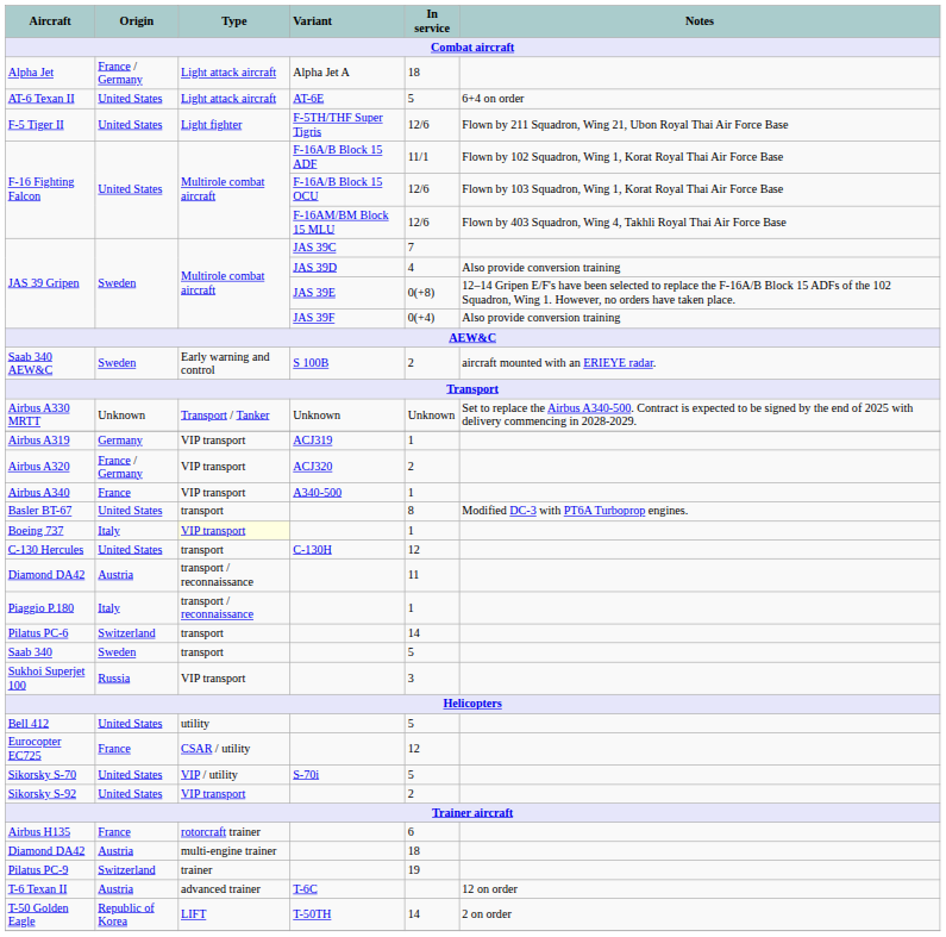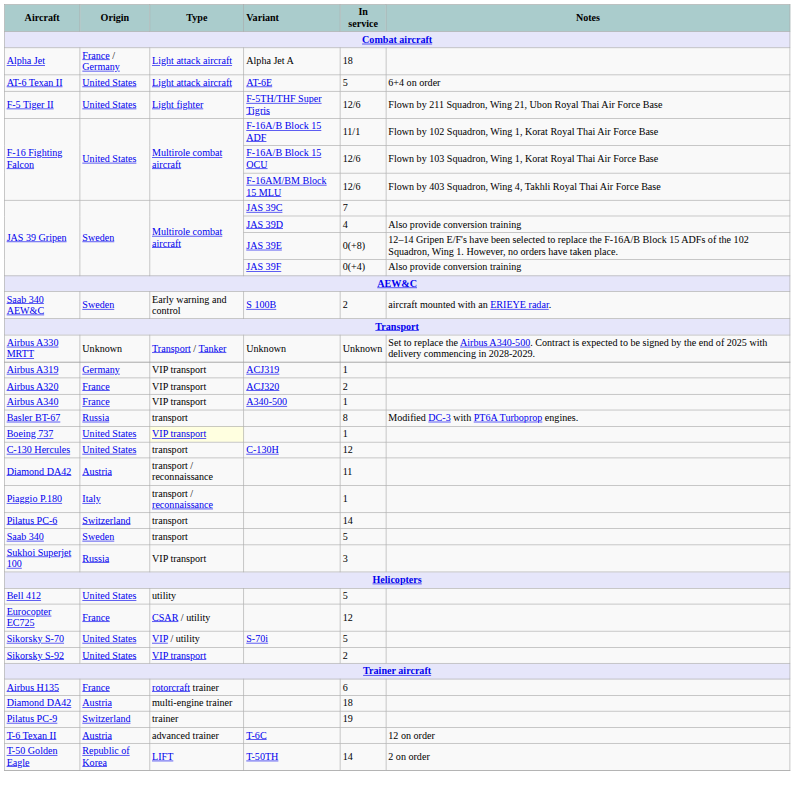 <table class="wikitable">
 <tr>
 <th style="text-align:center; background:#acc;">Aircraft</th>
 <th style="text-align: center; background:#acc;">Origin</th>
 <th style="text-align:l center; background:#acc;">Type</th>
 <th style="text-align:left; background:#acc;">Variant</th>
 <th style="text-align:center; background:#acc;">In service</th>
 <th style="text-align: center; background:#acc;">Notes</th>
 </tr>
 <tr>
 <th style="align: center; background: lavender;" colspan="7"><a href='#'>Combat aircraft</a></th>
 </tr>
 <tr>
 <td><a href='#'>Alpha Jet</a></td>
 <td><a href='#'>France</a> / <a href='#'>Germany</a></td>
 <td><a href='#'>Light attack aircraft</a></td>
 <td>Alpha Jet A</td>
 <td>18</td>
 <td></td>
 </tr>
 <tr>
 <td><a href='#'>AT-6 Texan II</a></td>
 <td><a href='#'>United States</a></td>
 <td><a href='#'>Light attack aircraft</a></td>
 <td><a href='#'>AT-6E</a></td>
 <td>5</td>
 <td>6+4 on order</td>
 </tr>
 <tr>
 <td><a href='#'>F-5 Tiger II</a></td>
 <td><a href='#'>United States</a></td>
 <td><a href='#'>Light fighter</a></td>
 <td><a href='#'>F-5TH/THF Super Tigris</a></td>
 <td>12/6</td>
 <td>Flown by 211 Squadron, Wing 21, Ubon Royal Thai Air Force Base</td>
 </tr>
 <tr>
 <td rowspan="3"><a href='#'>F-16 Fighting Falcon</a></td>
 <td rowspan="3"><a href='#'>United States</a></td>
 <td rowspan="3"><a href='#'>Multirole combat aircraft</a></td>
 <td><a href='#'>F-16A/B Block 15 ADF</a></td>
 <td>11/1</td>
 <td>Flown by 102 Squadron, Wing 1, Korat Royal Thai Air Force Base</td>
 </tr>
 <tr>
 <td><a href='#'>F-16A/B Block 15 OCU</a></td>
 <td>12/6</td>
 <td>Flown by 103 Squadron, Wing 1, Korat Royal Thai Air Force Base</td>
 </tr>
 <tr>
 <td><a href='#'>F-16AM/BM Block 15 MLU</a></td>
 <td>12/6</td>
 <td>Flown by 403 Squadron, Wing 4, Takhli Royal Thai Air Force Base</td>
 </tr>
 <tr>
 <td rowspan="4"><a href='#'>JAS 39 Gripen</a></td>
 <td rowspan="4"><a href='#'>Sweden</a></td>
 <td rowspan="4"><a href='#'>Multirole combat aircraft</a></td>
 <td><a href='#'>JAS 39C</a></td>
 <td>7</td>
 <td></td>
 </tr>
 <tr>
 <td><a href='#'>JAS 39D</a></td>
 <td>4</td>
 <td>Also provide conversion training</td>
 </tr>
 <tr>
 <td><a href='#'>JAS 39E</a></td>
 <td>0(+8)</td>
 <td>12–14 Gripen E/F's have been selected to replace the F-16A/B Block 15 ADFs of the 102 Squadron, Wing 1. However, no orders have taken place.</td>
 </tr>
 <tr>
 <td><a href='#'>JAS 39F</a></td>
 <td>0(+4)</td>
 <td>Also provide conversion training</td>
 </tr>
 <tr>
 <th style="align: center; background: lavender;" colspan="7"><a href='#'>AEW&C</a></th>
 </tr>
 <tr>
 <td><a href='#'>Saab 340 AEW&C</a></td>
 <td><a href='#'>Sweden</a></td>
 <td>Early warning and control</td>
 <td><a href='#'>S 100B</a></td>
 <td>2</td>
 <td>aircraft mounted with an <a href='#'>ERIEYE radar</a>.</td>
 </tr>
 <tr>
 <th style="align: center; background: lavender;" colspan="7"><a href='#'>Transport</a></th>
 </tr>
 <tr>
 <td><a href='#'>Airbus A330 MRTT</a></td>
 <td>Unknown</td>
 <td><a href='#'>Transport</a> / <a href='#'>Tanker</a></td>
 <td>Unknown</td>
 <td>Unknown</td>
 <td>Set to replace the <a href='#'>Airbus A340-500</a>. Contract is expected to be signed by the end of 2025 with delivery commencing in 2028-2029.</td>
 </tr>
 <tr>
 </tr>
 <tr>
 <td><a href='#'>Airbus A319</a></td>
 <td><a href='#'>Germany</a></td>
 <td>VIP transport</td>
 <td><a href='#'>ACJ319</a></td>
 <td>1</td>
 <td></td>
 </tr>
 <tr>
 <td><a href='#'>Airbus A320</a></td>
-<td><a href='#'>France</a> / <a href='#'>Germany</a></td>
+<td><a href='#'>France</a></td>
 <td>VIP transport</td>
 <td><a href='#'>ACJ320</a></td>
 <td>2</td>
 <td></td>
 </tr>
 <tr>
 <td><a href='#'>Airbus A340</a></td>
 <td><a href='#'>France</a></td>
 <td>VIP transport</td>
 <td><a href='#'>A340-500</a></td>
 <td>1</td>
 <td></td>
 </tr>
 <tr>
 <td><a href='#'>Basler BT-67</a></td>
-<td><a href='#'>United States</a></td>
+<td><a href='#'>Russia</a></td>
 <td>transport</td>
 <td></td>
 <td>8</td>
 <td>Modified <a href='#'>DC-3</a> with <a href='#'>PT6A Turboprop</a> engines.</td>
 </tr>
 <tr>
 <td><a href='#'>Boeing 737</a></td>
-<td><a href='#'>Italy</a></td>
+<td><a href='#'>United States</a></td>
 <td style="background: lightyellow;"><a href='#'>VIP transport</a></td>
 <td></td>
 <td>1</td>
 <td></td>
 </tr>
 <tr>
 <td><a href='#'>C-130 Hercules</a></td>
 <td><a href='#'>United States</a></td>
 <td>transport</td>
 <td><a href='#'>C-130H</a></td>
 <td>12</td>
 <td></td>
 </tr>
 <tr>
 <td><a href='#'>Diamond DA42</a></td>
 <td><a href='#'>Austria</a></td>
 <td>transport / reconnaissance</td>
 <td></td>
 <td>11</td>
 <td></td>
 </tr>
 <tr>
 <td><a href='#'>Piaggio P.180</a></td>
 <td><a href='#'>Italy</a></td>
 <td>transport / <a href='#'>reconnaissance</a></td>
 <td></td>
 <td>1</td>
 <td></td>
 </tr>
 <tr>
 <td><a href='#'>Pilatus PC-6</a></td>
 <td><a href='#'>Switzerland</a></td>
 <td>transport</td>
 <td></td>
 <td>14</td>
 <td></td>
 </tr>
 <tr>
 <td><a href='#'>Saab 340</a></td>
 <td><a href='#'>Sweden</a></td>
 <td>transport</td>
 <td></td>
 <td>5</td>
 <td></td>
 </tr>
 <tr>
 <td><a href='#'>Sukhoi Superjet 100</a></td>
 <td><a href='#'>Russia</a></td>
 <td>VIP transport</td>
 <td></td>
 <td>3</td>
 <td></td>
 </tr>
 <tr>
 <th style="align: center; background: lavender;" colspan="7"><a href='#'>Helicopters</a></th>
 </tr>
 <tr>
 <td><a href='#'>Bell 412</a></td>
 <td><a href='#'>United States</a></td>
 <td>utility</td>
 <td></td>
 <td>5</td>
 <td></td>
 </tr>
 <tr>
 <td><a href='#'>Eurocopter EC725</a></td>
 <td><a href='#'>France</a></td>
 <td><a href='#'>CSAR</a> / utility</td>
 <td></td>
 <td>12</td>
 <td></td>
 </tr>
 <tr>
 <td><a href='#'>Sikorsky S-70</a></td>
 <td><a href='#'>United States</a></td>
 <td><a href='#'>VIP</a> / utility</td>
 <td><a href='#'>S-70i</a></td>
 <td>5</td>
 <td></td>
 </tr>
 <tr>
 <td><a href='#'>Sikorsky S-92</a></td>
 <td><a href='#'>United States</a></td>
 <td><a href='#'>VIP transport</a></td>
 <td></td>
 <td>2</td>
 <td></td>
 </tr>
 <tr>
 <th style="align: center; background: lavender;" colspan="7"><a href='#'>Trainer aircraft</a></th>
 </tr>
 <tr>
 <td><a href='#'>Airbus H135</a></td>
 <td><a href='#'>France</a></td>
 <td><a href='#'>rotorcraft</a> trainer</td>
 <td></td>
 <td>6</td>
 <td></td>
 </tr>
 <tr>
 <td><a href='#'>Diamond DA42</a></td>
 <td><a href='#'>Austria</a></td>
 <td>multi-engine trainer</td>
 <td></td>
 <td>18</td>
 <td></td>
 </tr>
 <tr>
 <td><a href='#'>Pilatus PC-9</a></td>
 <td><a href='#'>Switzerland</a></td>
 <td>trainer</td>
 <td></td>
 <td>19</td>
 <td></td>
 </tr>
 <tr>
 <td><a href='#'>T-6 Texan II</a></td>
 <td><a href='#'>Austria</a></td>
 <td>advanced trainer</td>
 <td><a href='#'>T-6C</a></td>
 <td></td>
 <td>12 on order</td>
 </tr>
 <tr>
 <td><a href='#'>T-50 Golden Eagle</a></td>
 <td><a href='#'>Republic of Korea</a></td>
 <td><a href='#'>LIFT</a></td>
 <td><a href='#'>T-50TH</a></td>
 <td>14</td>
 <td>2 on order</td>
 </tr>
 <tr>
 </tr>
 </table>
